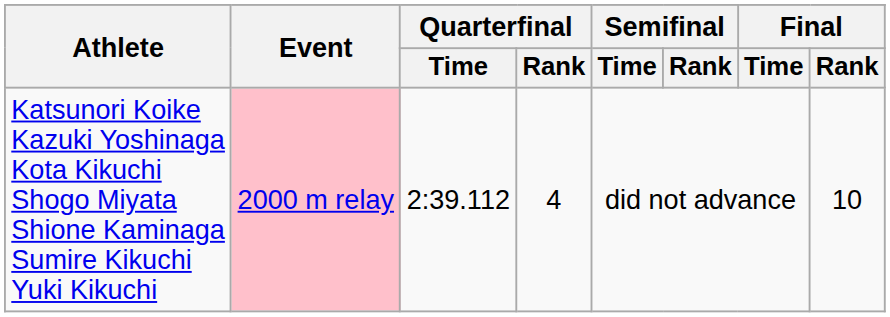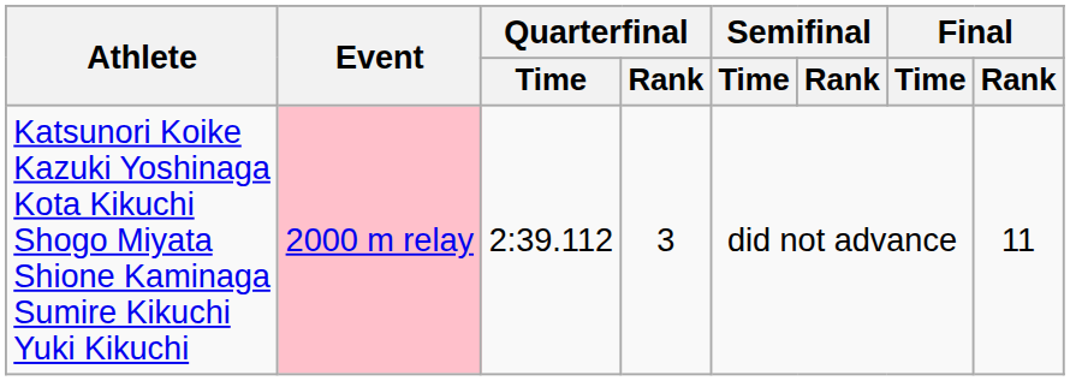 <table class="wikitable" style="font-size:90%">
 <tr>
 <th rowspan=2>Athlete</th>
 <th rowspan=2>Event</th>
 <th colspan=2>Quarterfinal</th>
 <th colspan=2>Semifinal</th>
 <th colspan=2>Final</th>
 </tr>
 <tr style="font-size:95%">
 <th>Time</th>
 <th>Rank</th>
 <th>Time</th>
 <th>Rank</th>
 <th>Time</th>
 <th>Rank</th>
 </tr>
 <tr align=center>
 <td align=left><a href='#'>Katsunori Koike</a><br><a href='#'>Kazuki Yoshinaga</a><br><a href='#'>Kota Kikuchi</a><br><a href='#'>Shogo Miyata</a><br><a href='#'>Shione Kaminaga</a><br><a href='#'>Sumire Kikuchi</a><br><a href='#'>Yuki Kikuchi</a></td>
 <td align=left style="background: pink;"><a href='#'>2000 m relay</a></td>
 <td>2:39.112</td>
-<td>4</td>
+<td>3</td>
 <td colspan=3>did not advance</td>
-<td>10</td>
+<td>11</td>
 </tr>
 </table>
